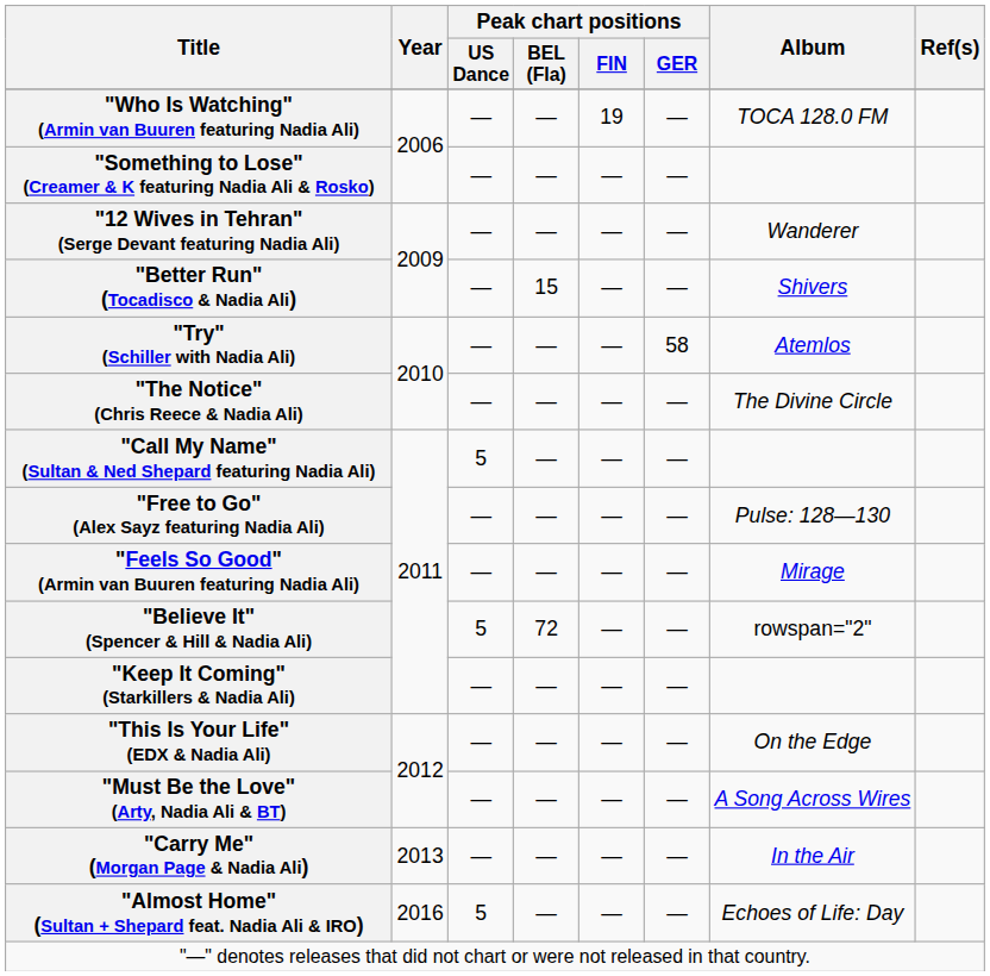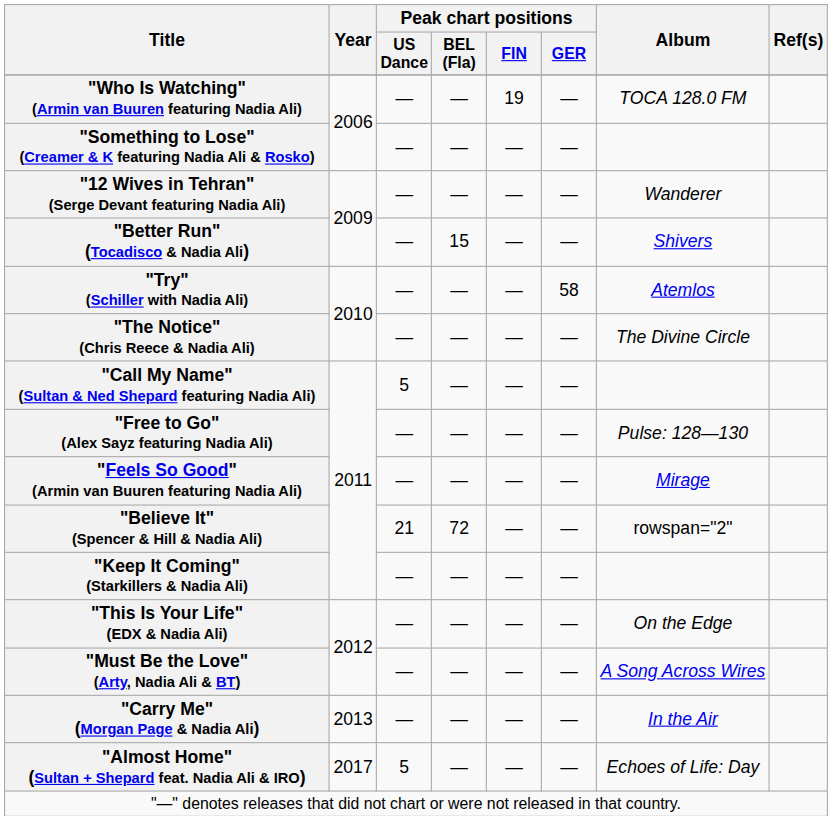 <table class="wikitable plainrowheaders" style="text-align:center;" border="1">
 <tr>
 <th scope="col" rowspan="2" style="width:18em;">Title</th>
 <th scope="col" rowspan="2">Year</th>
 <th scope="col" colspan="4">Peak chart positions</th>
 <th scope="col" rowspan="2">Album</th>
 <th scope="col" rowspan="2">Ref(s)</th>
 </tr>
 <tr>
 <th scope="col" style="width:3em;font-size:90%;">US<br>Dance<br></th>
 <th scope="col" style="width:3em;font-size:90%;">BEL<br>(Fla)<br></th>
 <th scope="col" style="width:3em;font-size:90%;"><a href='#'>FIN</a><br></th>
 <th scope="col" style="width:3em;font-size:90%;"><a href='#'>GER</a><br></th>
 </tr>
 <tr>
 </tr>
 <tr>
 <th scope="row">"Who Is Watching"<br><small>(<a href='#'>Armin van Buuren</a> featuring Nadia Ali)</small></th>
 <td rowspan="2">2006</td>
 <td>—</td>
 <td>—</td>
 <td>19</td>
 <td>—</td>
 <td><em>TOCA 128.0 FM</em></td>
 <td></td>
 </tr>
 <tr>
 <th scope="row">"Something to Lose"<br><small>(<a href='#'>Creamer & K</a> featuring Nadia Ali & <a href='#'>Rosko</a>)</small></th>
 <td>—</td>
 <td>—</td>
 <td>—</td>
 <td>—</td>
 <td></td>
 <td></td>
 </tr>
 <tr>
 <th scope="row">"12 Wives in Tehran"<br><small>(Serge Devant featuring Nadia Ali)</small></th>
 <td rowspan="2">2009</td>
 <td>—</td>
 <td>—</td>
 <td>—</td>
 <td>—</td>
 <td><em>Wanderer</em></td>
 <td></td>
 </tr>
 <tr>
 <th scope="row">"Better Run" <br>(<small><a href='#'>Tocadisco</a> & Nadia Ali</small>)</th>
 <td>—</td>
 <td>15</td>
 <td>—</td>
 <td>—</td>
 <td><em><a href='#'>Shivers</a></em></td>
 <td></td>
 </tr>
 <tr>
 <th scope="row">"Try" <br><small>(<a href='#'>Schiller</a> with Nadia Ali)</small></th>
 <td rowspan="2">2010</td>
 <td>—</td>
 <td>—</td>
 <td>—</td>
 <td>58</td>
 <td><em><a href='#'>Atemlos</a></em></td>
 <td></td>
 </tr>
 <tr>
 <th scope="row">"The Notice" <br><small>(Chris Reece & Nadia Ali)</small></th>
 <td>—</td>
 <td>—</td>
 <td>—</td>
 <td>—</td>
 <td><em>The Divine Circle</em></td>
 <td></td>
 </tr>
 <tr>
 <th scope="row">"Call My Name" <br><small>(<a href='#'>Sultan & Ned Shepard</a> featuring Nadia Ali)</small></th>
 <td rowspan="5">2011</td>
 <td>5</td>
 <td>—</td>
 <td>—</td>
 <td>—</td>
 <td></td>
 <td></td>
 </tr>
 <tr>
 <th scope="row">"Free to Go" <br><small>(Alex Sayz featuring Nadia Ali)</small></th>
 <td>—</td>
 <td>—</td>
 <td>—</td>
 <td>—</td>
 <td><em>Pulse: 128—130</em></td>
 <td></td>
 </tr>
 <tr>
 <th scope="row">"<a href='#'>Feels So Good</a>" <br><small>(Armin van Buuren featuring Nadia Ali)</small></th>
 <td>—</td>
 <td>—</td>
 <td>—</td>
 <td>—</td>
 <td><em><a href='#'>Mirage</a></em></td>
 <td></td>
 </tr>
 <tr>
 <th scope="row">"Believe It" <br><small>(Spencer & Hill & Nadia Ali)</small></th>
-<td>5</td>
+<td>21</td>
 <td>72</td>
 <td>—</td>
 <td>—</td>
 <td>rowspan="2" </td>
 <td></td>
 </tr>
 <tr>
 <th scope="row">"Keep It Coming"<br><small>(Starkillers & Nadia Ali)</small></th>
 <td>—</td>
 <td>—</td>
 <td>—</td>
 <td>—</td>
 <td></td>
 </tr>
 <tr>
 <th scope="row">"This Is Your Life" <br><small>(EDX & Nadia Ali)</small></th>
 <td rowspan="2">2012</td>
 <td>—</td>
 <td>—</td>
 <td>—</td>
 <td>—</td>
 <td><em>On the Edge</em></td>
 <td></td>
 </tr>
 <tr>
 <th scope="row">"Must Be the Love" <br><small>(<a href='#'>Arty</a>, Nadia Ali & <a href='#'>BT</a>)</small></th>
 <td>—</td>
 <td>—</td>
 <td>—</td>
 <td>—</td>
 <td><em><a href='#'>A Song Across Wires</a></em></td>
 <td></td>
 </tr>
 <tr>
 <th scope="row">"Carry Me" <br>(<small><a href='#'>Morgan Page</a> & Nadia Ali</small>)</th>
 <td rowspan="1">2013</td>
 <td>—</td>
 <td>—</td>
 <td>—</td>
 <td>—</td>
 <td><em><a href='#'>In the Air</a></em></td>
 <td></td>
 </tr>
 <tr>
 <th scope="row">"Almost Home" <br>(<small><a href='#'>Sultan + Shepard</a> feat. Nadia Ali & IRO</small>)</th>
-<td rowspan="1">2016</td>
+<td rowspan="1">2017</td>
 <td>5</td>
 <td>—</td>
 <td>—</td>
 <td>—</td>
 <td><em>Echoes of Life: Day</em></td>
 <td></td>
 </tr>
 <tr>
 <td align="center" colspan="15" style="font-size: 90%">"—" denotes releases that did not chart or were not released in that country.</td>
 </tr>
 </table>
